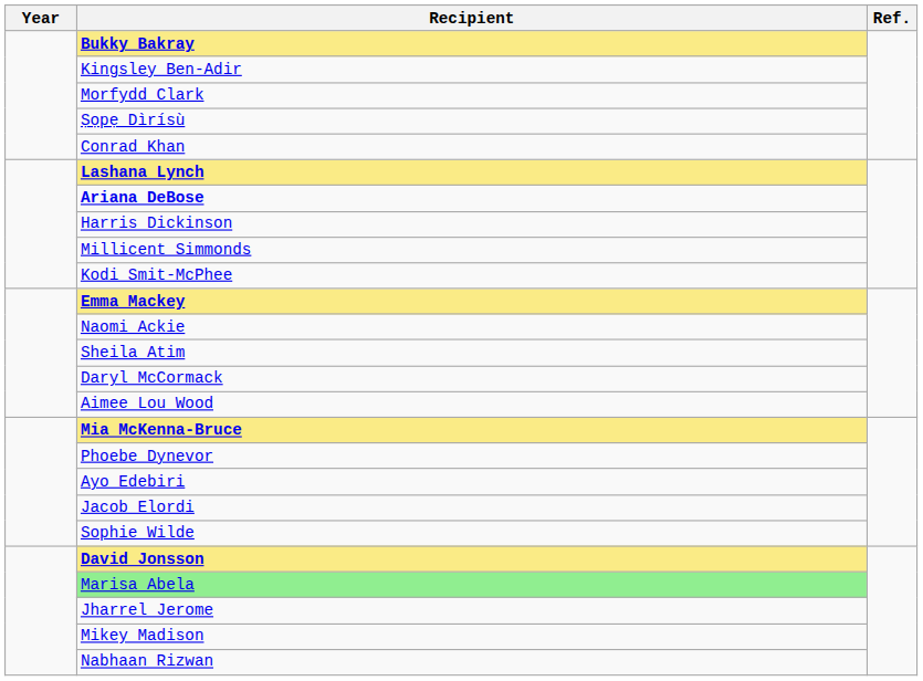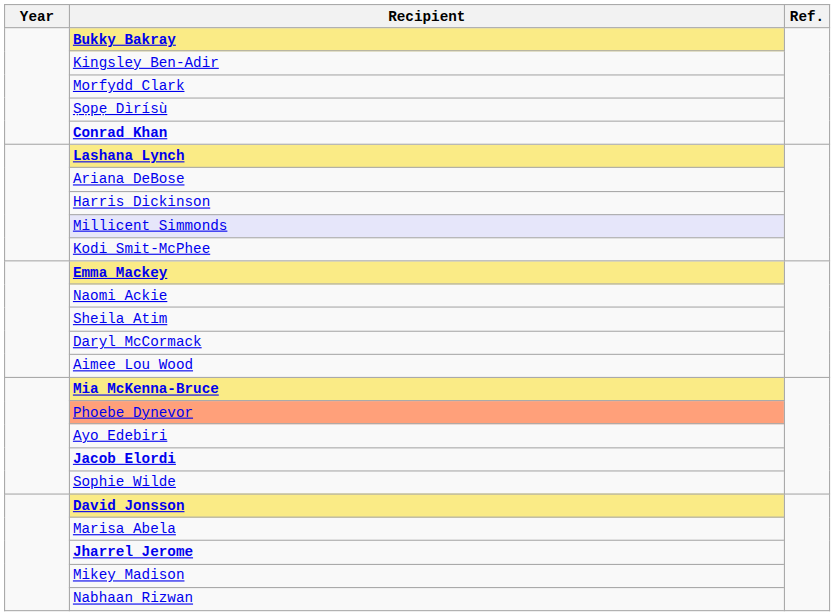 <table class="wikitable" style="width:85%;" cellpadding="5">
 <tr>
 <th style="width:5%;">Year</th>
 <th style="width:55%;">Recipient</th>
 <th style="width:1%">Ref.</th>
 </tr>
 <tr>
 <td rowspan="5"></td>
 <td style="background:#FAEB86"><strong><a href='#'>Bukky Bakray</a></strong></td>
 <td rowspan=5, align=center></td>
 </tr>
 <tr>
 <td><a href='#'>Kingsley Ben-Adir</a></td>
 </tr>
 <tr>
 <td><a href='#'>Morfydd Clark</a></td>
 </tr>
 <tr>
 <td><a href='#'>Ṣọpẹ Dìrísù</a></td>
 </tr>
 <tr>
-<td><a href='#'>Conrad Khan</a></td>
+<td><strong><a href='#'>Conrad Khan</a></strong></td>
 </tr>
 <tr>
 <td rowspan="5"></td>
 <td style="background:#FAEB86"><strong><a href='#'>Lashana Lynch</a></strong></td>
 <td rowspan=5, align=center></td>
 </tr>
 <tr>
-<td><strong><a href='#'>Ariana DeBose</a></strong></td>
+<td><a href='#'>Ariana DeBose</a></td>
 </tr>
 <tr>
 <td><a href='#'>Harris Dickinson</a></td>
 </tr>
 <tr>
-<td><a href='#'>Millicent Simmonds</a></td>
+<td style="background: lavender;"><a href='#'>Millicent Simmonds</a></td>
 </tr>
 <tr>
 <td><a href='#'>Kodi Smit-McPhee</a></td>
 </tr>
 <tr>
 <td rowspan="5"></td>
 <td style="background:#FAEB86"><strong><a href='#'>Emma Mackey</a></strong></td>
 <td rowspan=5, align=center></td>
 </tr>
 <tr>
 <td><a href='#'>Naomi Ackie</a></td>
 </tr>
 <tr>
 <td><a href='#'>Sheila Atim</a></td>
 </tr>
 <tr>
 <td><a href='#'>Daryl McCormack</a></td>
 </tr>
 <tr>
 <td><a href='#'>Aimee Lou Wood</a></td>
 </tr>
 <tr>
 <td rowspan="5"></td>
 <td style="background:#FAEB86"><strong><a href='#'>Mia McKenna-Bruce</a></strong></td>
 <td rowspan=5, align=center></td>
 </tr>
 <tr>
-<td><a href='#'>Phoebe Dynevor</a></td>
+<td style="background: lightsalmon;"><a href='#'>Phoebe Dynevor</a></td>
 </tr>
 <tr>
 <td><a href='#'>Ayo Edebiri</a></td>
 </tr>
 <tr>
-<td><a href='#'>Jacob Elordi</a></td>
+<td><strong><a href='#'>Jacob Elordi</a></strong></td>
 </tr>
 <tr>
 <td><a href='#'>Sophie Wilde</a></td>
 </tr>
 <tr>
 <td rowspan="5"></td>
 <td style="background:#FAEB86"><strong><a href='#'>David Jonsson</a></strong></td>
 <td rowspan=5, align=center></td>
 </tr>
 <tr>
-<td style="background: lightgreen;"><a href='#'>Marisa Abela</a></td>
+<td><a href='#'>Marisa Abela</a></td>
 </tr>
 <tr>
-<td><a href='#'>Jharrel Jerome</a></td>
+<td><strong><a href='#'>Jharrel Jerome</a></strong></td>
 </tr>
 <tr>
 <td><a href='#'>Mikey Madison</a></td>
 </tr>
 <tr>
 <td><a href='#'>Nabhaan Rizwan</a></td>
 </tr>
 </table>
